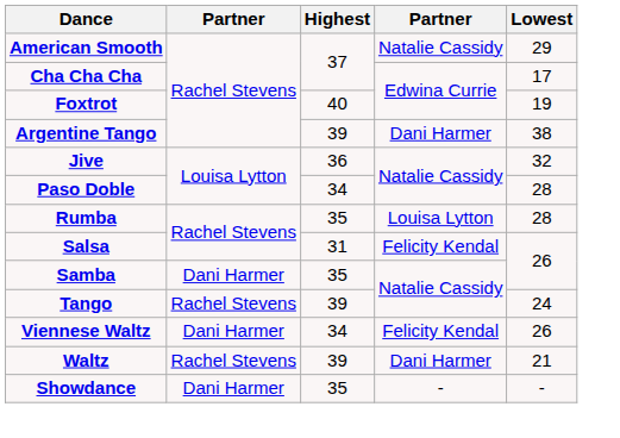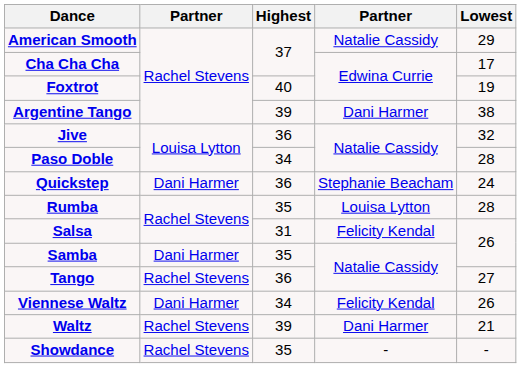 <table class="wikitable sortable collapsed">
 <tr style="text-align:Center; background:#cc;">
 <th>Dance</th>
 <th>Partner</th>
 <th>Highest</th>
 <th>Partner</th>
 <th>Lowest</th>
 </tr>
 <tr style="text-align: center; background:#faf6f6;#">
 <td><strong><a href='#'>American Smooth</a></strong></td>
 <td rowspan="4"><a href='#'>Rachel Stevens</a></td>
 <td rowspan="2">37</td>
 <td><a href='#'>Natalie Cassidy</a></td>
 <td>29</td>
 </tr>
 <tr style="text-align: center; background:#faf6f6;">
 <td><strong><a href='#'>Cha Cha Cha</a></strong></td>
 <td rowspan="2"><a href='#'>Edwina Currie</a></td>
 <td>17</td>
 </tr>
 <tr style="text-align: center; background:#faf6f6;">
 <td><strong><a href='#'>Foxtrot</a></strong></td>
 <td>40</td>
 <td>19</td>
 </tr>
 <tr style="text-align: center; background:#faf6f6;">
 <td><strong><a href='#'>Argentine Tango</a></strong></td>
 <td>39</td>
 <td><a href='#'>Dani Harmer</a></td>
 <td>38</td>
 </tr>
 <tr style="text-align: center; background:#faf6f6;">
 <td><strong><a href='#'>Jive</a></strong></td>
 <td rowspan="2"><a href='#'>Louisa Lytton</a></td>
 <td>36</td>
 <td rowspan="2"><a href='#'>Natalie Cassidy</a></td>
 <td>32</td>
 </tr>
 <tr style="text-align: center; background:#faf6f6;">
 <td><strong><a href='#'>Paso Doble</a></strong></td>
 <td>34</td>
 <td>28</td>
 </tr>
 <tr style="text-align: center; background:#faf6f6;">
+<td><strong><a href='#'>Quickstep</a></strong></td>
+<td><a href='#'>Dani Harmer</a></td>
+<td>36</td>
+<td><a href='#'>Stephanie Beacham</a></td>
+<td>24</td>
+</tr>
+<tr style="text-align: center; background:#faf6f6;">
 <td><strong><a href='#'>Rumba</a></strong></td>
 <td rowspan="2"><a href='#'>Rachel Stevens</a></td>
 <td>35</td>
 <td><a href='#'>Louisa Lytton</a></td>
 <td>28</td>
 </tr>
 <tr style="text-align: center; background:#faf6f6;">
 <td><strong><a href='#'>Salsa</a></strong></td>
 <td>31</td>
 <td><a href='#'>Felicity Kendal</a></td>
 <td rowspan="2">26</td>
 </tr>
 <tr style="text-align: center; background:#faf6f6;">
 <td><strong><a href='#'>Samba</a></strong></td>
 <td><a href='#'>Dani Harmer</a></td>
 <td>35</td>
 <td rowspan="2"><a href='#'>Natalie Cassidy</a></td>
 </tr>
 <tr style="text-align: center; background:#faf6f6;">
 <td><strong><a href='#'>Tango</a></strong></td>
 <td><a href='#'>Rachel Stevens</a></td>
-<td>39</td>
-<td>24</td>
+<td>36</td>
+<td>27</td>
 </tr>
 <tr style="text-align: center; background:#faf6f6;">
 <td><strong><a href='#'>Viennese Waltz</a></strong></td>
 <td><a href='#'>Dani Harmer</a></td>
 <td>34</td>
 <td><a href='#'>Felicity Kendal</a></td>
 <td>26</td>
 </tr>
 <tr style="text-align: center; background:#faf6f6;">
 <td><strong><a href='#'>Waltz</a></strong></td>
 <td><a href='#'>Rachel Stevens</a></td>
 <td>39</td>
 <td><a href='#'>Dani Harmer</a></td>
 <td>21</td>
 </tr>
 <tr style="text-align: center; background:#faf6f6;">
 <td><strong><a href='#'>Showdance</a></strong></td>
-<td><a href='#'>Dani Harmer</a></td>
+<td><a href='#'>Rachel Stevens</a></td>
 <td>35</td>
 <td>-</td>
 <td>-</td>
 </tr>
 </table>
